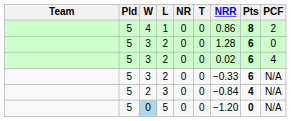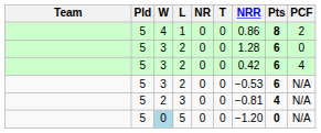 <table class="wikitable" style="text-align:center">
 <tr>
 <th width=175>Team</th>
 <th width=20 abbr="Played">Pld</th>
 <th width=20 abbr="Won">W</th>
 <th width=20 abbr="Lost">L</th>
 <th width=20 abbr="No result">NR</th>
 <th width=20 abbr="Tied">T</th>
 <th width=20 abbr="Net run rate"><a href='#'>NRR</a></th>
 <th width=20 abbr="Points">Pts</th>
 <th width=20 abbr="Points carried forward">PCF</th>
 </tr>
 <tr style="background:#ccffcc">
 <td style="text-align:left"></td>
 <td>5</td>
 <td>4</td>
 <td>1</td>
 <td>0</td>
 <td>0</td>
 <td>0.86</td>
 <td><strong>8</strong></td>
 <td>2</td>
 </tr>
 <tr style="background:#ccffcc">
 <td style="text-align:left"></td>
 <td>5</td>
 <td>3</td>
 <td>2</td>
 <td>0</td>
 <td>0</td>
 <td>1.28</td>
 <td><strong>6</strong></td>
 <td>0</td>
 </tr>
 <tr style="background:#ccffcc">
 <td style="text-align:left"></td>
 <td>5</td>
 <td>3</td>
 <td>2</td>
 <td>0</td>
 <td>0</td>
-<td>0.02</td>
+<td>0.42</td>
 <td><strong>6</strong></td>
 <td>4</td>
 </tr>
 <tr>
 <td style="text-align:left"></td>
 <td>5</td>
 <td>3</td>
 <td>2</td>
 <td>0</td>
 <td>0</td>
-<td>−0.33</td>
+<td>−0.53</td>
 <td><strong>6</strong></td>
 <td>N/A</td>
 </tr>
 <tr>
 <td style="text-align:left"></td>
 <td>5</td>
 <td>2</td>
 <td>3</td>
 <td>0</td>
 <td>0</td>
-<td>−0.84</td>
+<td>−0.81</td>
 <td><strong>4</strong></td>
 <td>N/A</td>
 </tr>
 <tr>
 <td style="text-align:left"></td>
 <td>5</td>
 <td style="background: lightblue;">0</td>
 <td>5</td>
 <td>0</td>
 <td>0</td>
 <td>−1.20</td>
 <td><strong>0</strong></td>
 <td>N/A</td>
 </tr>
 </table>
